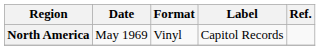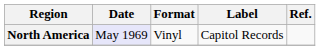 <table class="wikitable plainrowheaders">
 <tr>
 <th scope="col">Region</th>
 <th scope="col">Date</th>
 <th scope="col">Format</th>
 <th scope="col">Label</th>
 <th scope="col">Ref.</th>
 </tr>
 <tr>
 <th scope="row">North America</th>
-<td>May 1969</td>
+<td style="background: lavender;">May 1969</td>
 <td>Vinyl</td>
 <td>Capitol Records</td>
 <td></td>
 </tr>
 <tr>
 </tr>
 </table>
